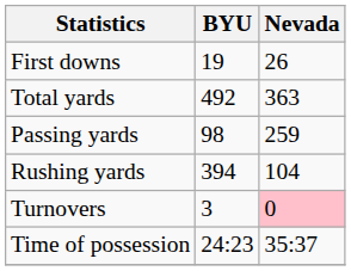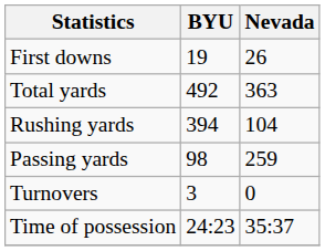 <table class="wikitable">
 <tr>
 <th>Statistics</th>
 <th>BYU</th>
 <th>Nevada</th>
 </tr>
 <tr>
 <td>First downs</td>
 <td>19</td>
 <td>26</td>
 </tr>
 <tr>
 <td>Total yards</td>
 <td>492</td>
 <td>363</td>
 </tr>
 <tr>
+<td>Rushing yards</td>
+<td>394</td>
+<td>104</td>
+</tr>
+<tr>
 <td>Passing yards</td>
 <td>98</td>
 <td>259</td>
 </tr>
 <tr>
-<td>Rushing yards</td>
-<td>394</td>
-<td>104</td>
-</tr>
-<tr>
 <td>Turnovers</td>
 <td>3</td>
-<td style="background: pink;">0</td>
+<td>0</td>
 </tr>
 <tr>
 <td>Time of possession</td>
 <td>24:23</td>
 <td>35:37</td>
 </tr>
 <tr>
 </tr>
 </table>
